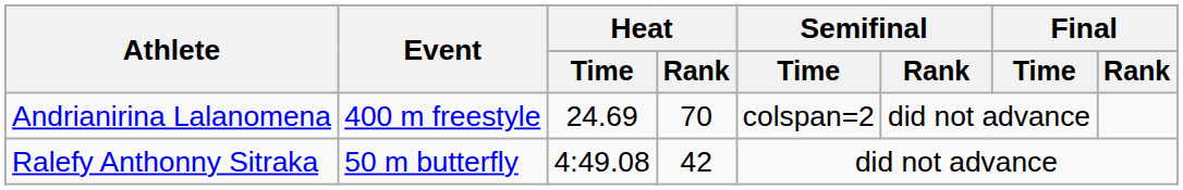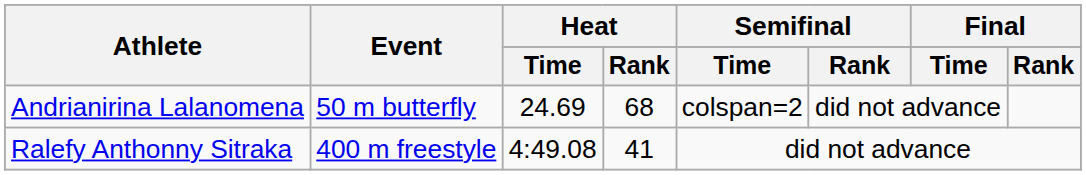 <table class=wikitable style="font-size:90%">
 <tr>
 <th rowspan="2">Athlete</th>
 <th rowspan="2">Event</th>
 <th colspan="2">Heat</th>
 <th colspan="2">Semifinal</th>
 <th colspan="2">Final</th>
 </tr>
 <tr style="font-size:95%">
 <th>Time</th>
 <th>Rank</th>
 <th>Time</th>
 <th>Rank</th>
 <th>Time</th>
 <th>Rank</th>
 </tr>
 <tr align=center>
 <td align=left><a href='#'>Andrianirina Lalanomena</a></td>
-<td align=left><a href='#'>400 m freestyle</a></td>
+<td align=left><a href='#'>50 m butterfly</a></td>
 <td>24.69</td>
-<td>70</td>
+<td>68</td>
 <td>colspan=2 </td>
 <td colspan=2>did not advance</td>
 </tr>
 <tr align=center>
 <td align=left><a href='#'>Ralefy Anthonny Sitraka</a></td>
-<td align=left><a href='#'>50 m butterfly</a></td>
+<td align=left><a href='#'>400 m freestyle</a></td>
 <td>4:49.08</td>
-<td>42</td>
+<td>41</td>
 <td colspan=4>did not advance</td>
 </tr>
 </table>
